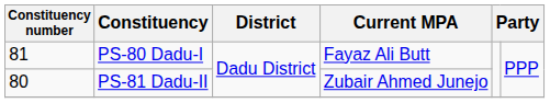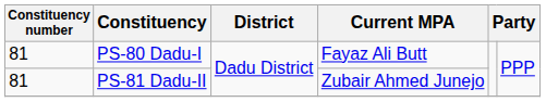 <table class="wikitable">
 <tr>
 <th width="50px" style="font-size:75%">Constituency number</th>
 <th>Constituency</th>
 <th>District</th>
 <th>Current MPA</th>
 <th colspan="2">Party</th>
 </tr>
 <tr>
 <td>81</td>
 <td><a href='#'>PS-80 Dadu-I</a></td>
 <td rowspan="2"><a href='#'>Dadu District</a></td>
 <td><a href='#'>Fayaz Ali Butt</a></td>
 <td rowspan="2"></td>
 <td rowspan="2"><a href='#'>PPP</a></td>
 </tr>
 <tr>
-<td>80</td>
+<td>81</td>
 <td><a href='#'>PS-81 Dadu-II</a></td>
 <td><a href='#'>Zubair Ahmed Junejo</a></td>
 </tr>
 <tr>
 </tr>
 </table>
